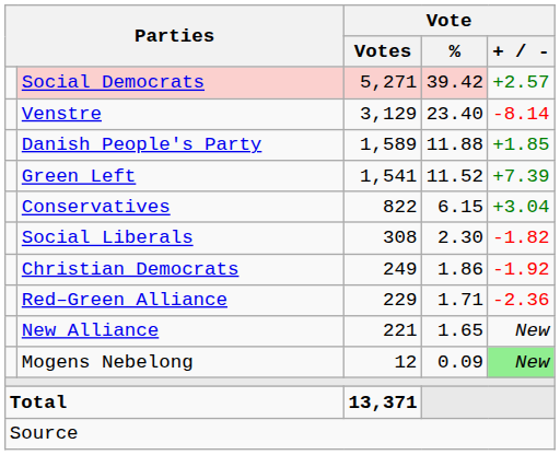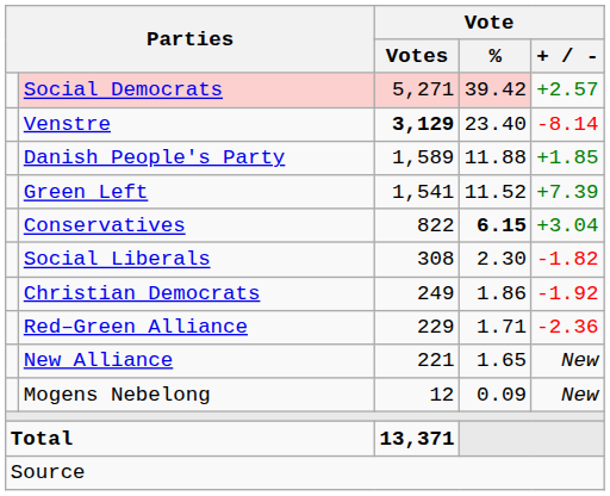 <table class="wikitable" style="text-align:right;">
 <tr>
 <th style="text-align:centre;" rowspan="2" colspan="2" width="225">Parties</th>
 <th colspan="3">Vote</th>
 </tr>
 <tr>
 <th width="15">Votes</th>
 <th width="15">%</th>
 <th width="15">+ / -</th>
 </tr>
 <tr>
 <td width="2" style="color:inherit;background:"></td>
 <td bgcolor=#fbd0ce  align="left"><a href='#'>Social Democrats</a></td>
 <td bgcolor=#fbd0ce>5,271</td>
 <td bgcolor=#fbd0ce>39.42</td>
 <td style=color:green;>+2.57</td>
 </tr>
 <tr>
 <td width="2" style="color:inherit;background:"></td>
 <td align="left"><a href='#'>Venstre</a></td>
-<td>3,129</td>
+<td><strong>3,129</strong></td>
 <td>23.40</td>
 <td style=color:red;>-8.14</td>
 </tr>
 <tr>
 <td width="2" style="color:inherit;background:"></td>
 <td align="left"><a href='#'>Danish People's Party</a></td>
 <td>1,589</td>
 <td>11.88</td>
 <td style=color:green;>+1.85</td>
 </tr>
 <tr>
 <td width="2" style="color:inherit;background:"></td>
 <td align="left"><a href='#'>Green Left</a></td>
 <td>1,541</td>
 <td>11.52</td>
 <td style=color:green;>+7.39</td>
 </tr>
 <tr>
 <td width="2" style="color:inherit;background:"></td>
 <td align="left"><a href='#'>Conservatives</a></td>
 <td>822</td>
-<td>6.15</td>
+<td><strong>6.15</strong></td>
 <td style=color:green;>+3.04</td>
 </tr>
 <tr>
 <td width="2" style="color:inherit;background:"></td>
 <td align="left"><a href='#'>Social Liberals</a></td>
 <td>308</td>
 <td>2.30</td>
 <td style=color:red;>-1.82</td>
 </tr>
 <tr>
 <td width="2" style="color:inherit;background:"></td>
 <td align="left"><a href='#'>Christian Democrats</a></td>
 <td>249</td>
 <td>1.86</td>
 <td style=color:red;>-1.92</td>
 </tr>
 <tr>
 <td width="2" style="color:inherit;background:"></td>
 <td align="left"><a href='#'>Red–Green Alliance</a></td>
 <td>229</td>
 <td>1.71</td>
 <td style=color:red;>-2.36</td>
 </tr>
 <tr>
 <td width="2" style="color:inherit;background:"></td>
 <td align="left"><a href='#'>New Alliance</a></td>
 <td>221</td>
 <td>1.65</td>
 <td><em>New</em></td>
 </tr>
 <tr>
 <td width="2" style="color:inherit;background:"></td>
 <td align="left">Mogens Nebelong</td>
 <td>12</td>
 <td>0.09</td>
-<td style="background: lightgreen;"><em>New</em></td>
+<td><em>New</em></td>
 </tr>
 <tr>
 <td colspan="7" bgcolor="#E9E9E9"></td>
 </tr>
 <tr>
 <td align="left" colspan="2"><strong>Total</strong></td>
 <td><strong>13,371</strong></td>
 <td bgcolor="#E9E9E9" colspan="2"></td>
 </tr>
 <tr>
 <td align="left" colspan="6">Source</td>
 </tr>
 </table>
